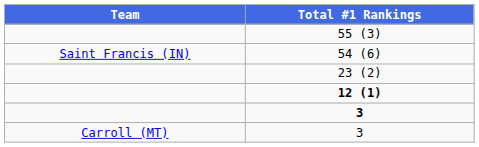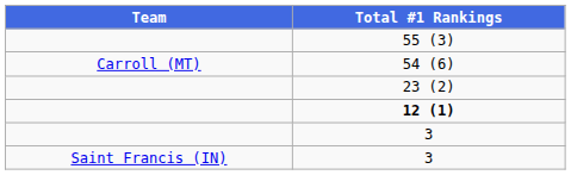 <table class="wikitable" style="width:40%;">
 <tr>
 <th style="background:#4169E1; color:white;">Team</th>
 <th style="background:#4169E1; color:white;">Total #1 Rankings</th>
 </tr>
 <tr style="text-align:center;">
 <td></td>
 <td>55 (3)</td>
 </tr>
 <tr style="text-align:center;">
-<td><a href='#'>Saint Francis (IN)</a></td>
+<td><a href='#'>Carroll (MT)</a></td>
 <td>54 (6)</td>
 </tr>
 <tr style="text-align:center;">
 <td></td>
 <td>23 (2)</td>
 </tr>
 <tr style="text-align:center;">
 <td></td>
 <td><strong>12 (1)</strong></td>
 </tr>
 <tr style="text-align:center;">
 <td></td>
-<td><strong>3</strong></td>
+<td>3</td>
 </tr>
 <tr style="text-align:center;">
-<td><a href='#'>Carroll (MT)</a></td>
+<td><a href='#'>Saint Francis (IN)</a></td>
 <td>3</td>
 </tr>
 </table>
